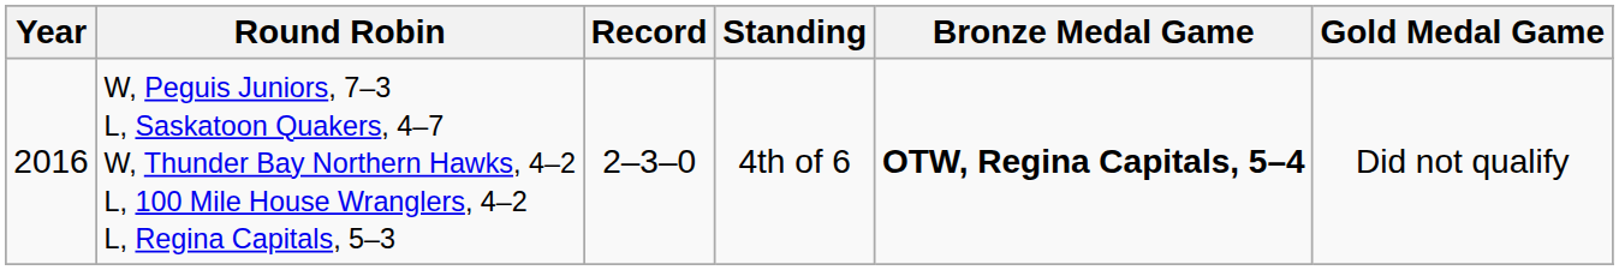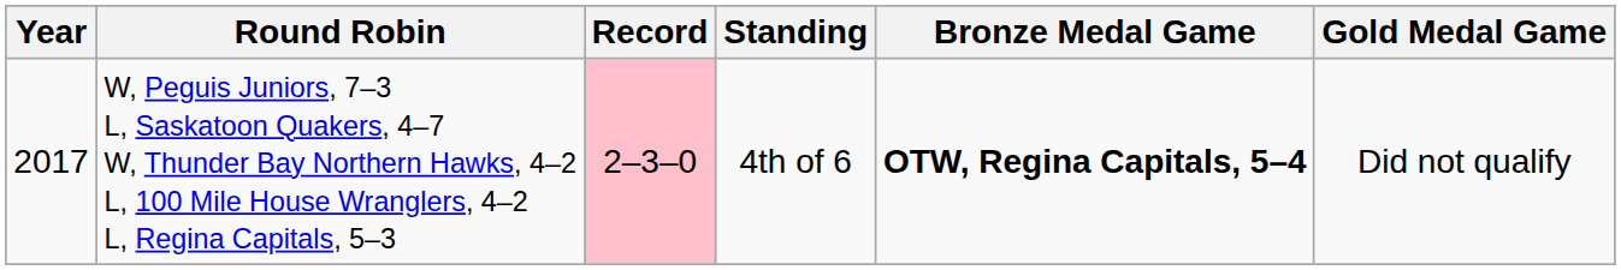 <table class="wikitable" style="text-align:center">
 <tr>
 <th>Year</th>
 <th>Round Robin</th>
 <th>Record</th>
 <th>Standing</th>
 <th>Bronze Medal Game</th>
 <th>Gold Medal Game</th>
 </tr>
 <tr>
-<td>2016</td>
+<td>2017</td>
 <td align=left><small>W, <a href='#'>Peguis Juniors</a>, 7–3<br>L, <a href='#'>Saskatoon Quakers</a>, 4–7<br>W, <a href='#'>Thunder Bay Northern Hawks</a>, 4–2<br>L, <a href='#'>100 Mile House Wranglers</a>, 4–2<br>L, <a href='#'>Regina Capitals</a>, 5–3</small></td>
-<td>2–3–0</td>
+<td style="background: pink;">2–3–0</td>
 <td>4th of 6</td>
 <td><strong>OTW, Regina Capitals, 5–4</strong></td>
 <td>Did not qualify</td>
 </tr>
 </table>
